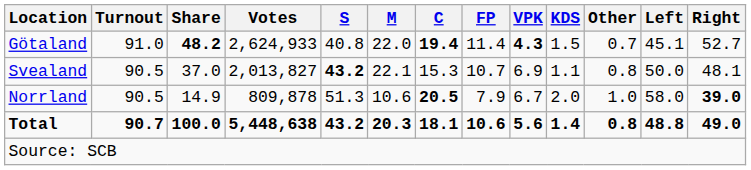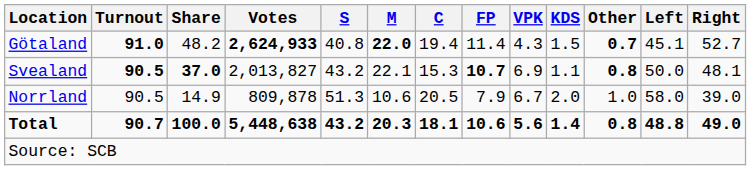 <table class="wikitable sortable" style=text-align:right>
 <tr>
 <th>Location</th>
 <th>Turnout</th>
 <th>Share</th>
 <th>Votes</th>
 <th><a href='#'>S</a></th>
 <th><a href='#'>M</a></th>
 <th><a href='#'>C</a></th>
 <th><a href='#'>FP</a></th>
 <th><a href='#'>VPK</a></th>
 <th><a href='#'>KDS</a></th>
 <th>Other</th>
 <th>Left</th>
 <th>Right</th>
 </tr>
 <tr>
 <td align=left><a href='#'>Götaland</a></td>
-<td>91.0</td>
-<td><strong>48.2</strong></td>
-<td>2,624,933</td>
+<td><strong>91.0</strong></td>
+<td>48.2</td>
+<td><strong>2,624,933</strong></td>
 <td>40.8</td>
-<td>22.0</td>
-<td><strong>19.4</strong></td>
+<td><strong>22.0</strong></td>
+<td>19.4</td>
 <td>11.4</td>
-<td><strong>4.3</strong></td>
+<td>4.3</td>
 <td>1.5</td>
-<td>0.7</td>
+<td><strong>0.7</strong></td>
 <td>45.1</td>
 <td>52.7</td>
 </tr>
 <tr>
 <td align=left><a href='#'>Svealand</a></td>
-<td>90.5</td>
-<td>37.0</td>
+<td><strong>90.5</strong></td>
+<td><strong>37.0</strong></td>
 <td>2,013,827</td>
-<td><strong>43.2</strong></td>
+<td>43.2</td>
 <td>22.1</td>
 <td>15.3</td>
-<td>10.7</td>
+<td><strong>10.7</strong></td>
 <td>6.9</td>
 <td>1.1</td>
-<td>0.8</td>
+<td><strong>0.8</strong></td>
 <td>50.0</td>
 <td>48.1</td>
 </tr>
 <tr>
 <td align=left><a href='#'>Norrland</a></td>
 <td>90.5</td>
 <td>14.9</td>
 <td>809,878</td>
 <td>51.3</td>
 <td>10.6</td>
-<td><strong>20.5</strong></td>
+<td>20.5</td>
 <td>7.9</td>
 <td>6.7</td>
 <td>2.0</td>
 <td>1.0</td>
 <td>58.0</td>
-<td><strong>39.0</strong></td>
+<td>39.0</td>
 </tr>
 <tr>
 <td align=left><strong>Total</strong></td>
 <td><strong>90.7</strong></td>
 <td><strong>100.0</strong></td>
 <td><strong>5,448,638</strong></td>
 <td><strong>43.2</strong></td>
 <td><strong>20.3</strong></td>
 <td><strong>18.1</strong></td>
 <td><strong>10.6</strong></td>
 <td><strong>5.6</strong></td>
 <td><strong>1.4</strong></td>
 <td><strong>0.8</strong></td>
 <td><strong>48.8</strong></td>
 <td><strong>49.0</strong></td>
 </tr>
 <tr>
 <td align=left colspan=13>Source: SCB </td>
 </tr>
 </table>
